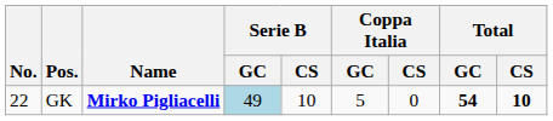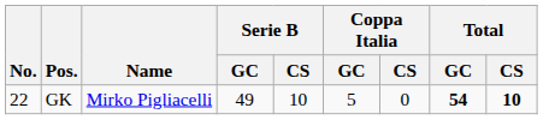 <table class="wikitable" style="text-align:center">
 <tr>
 <th rowspan="2" valign="bottom">No.</th>
 <th rowspan="2" valign="bottom">Pos.</th>
 <th rowspan="2" valign="bottom">Name</th>
 <th colspan="2" width="85">Serie B</th>
 <th colspan="2" width="85">Coppa Italia</th>
 <th colspan="2" width="85">Total</th>
 </tr>
 <tr>
 <th>GC</th>
 <th>CS</th>
 <th>GC</th>
 <th>CS</th>
 <th>GC</th>
 <th>CS</th>
 </tr>
 <tr>
 <td align="left">22</td>
 <td align="left">GK</td>
-<td align="left"><strong> <a href='#'>Mirko Pigliacelli</a></strong></td>
-<td style="background: lightblue;">49</td>
+<td align="left"> <a href='#'>Mirko Pigliacelli</a></td>
+<td>49</td>
 <td>10</td>
 <td>5</td>
 <td>0</td>
 <td><strong>54</strong></td>
 <td><strong>10</strong></td>
 </tr>
 </table>
